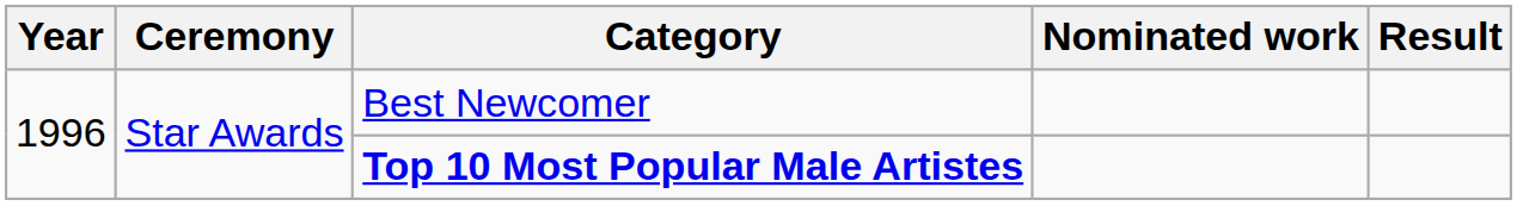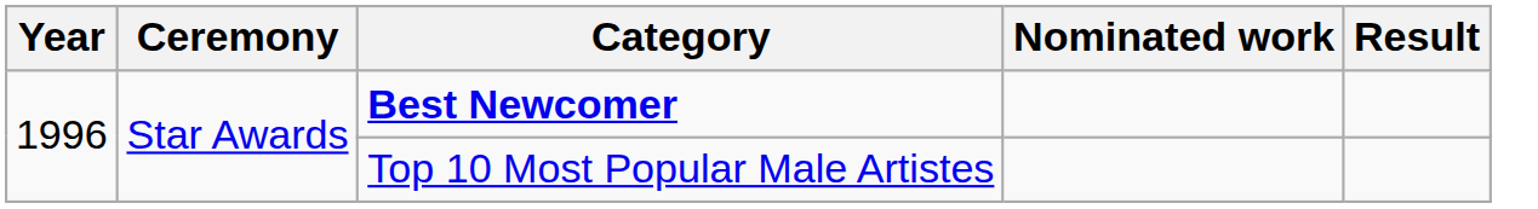 <table class="wikitable sortable">
 <tr>
 <th>Year</th>
 <th>Ceremony</th>
 <th>Category</th>
 <th>Nominated work</th>
 <th>Result</th>
 </tr>
 <tr>
 <td rowspan="2">1996</td>
 <td rowspan=2><a href='#'>Star Awards</a></td>
-<td><a href='#'>Best Newcomer</a></td>
+<td><strong><a href='#'>Best Newcomer</a></strong></td>
 <td></td>
 <td></td>
 </tr>
 <tr>
-<td><strong><a href='#'>Top 10 Most Popular Male Artistes</a></strong></td>
+<td><a href='#'>Top 10 Most Popular Male Artistes</a></td>
 <td></td>
 <td></td>
 </tr>
 </table>
